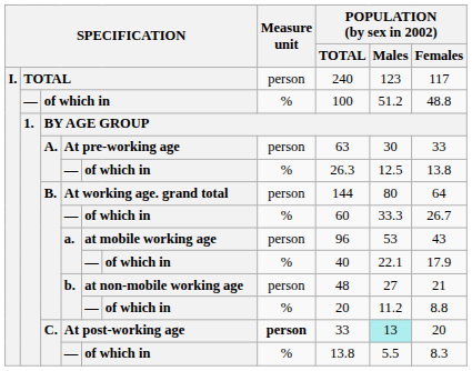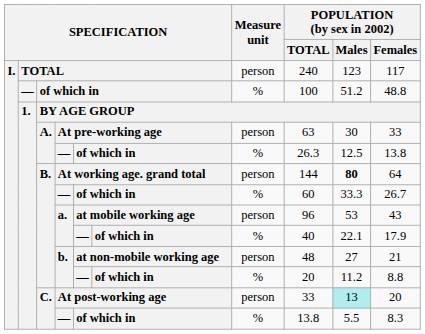 <table class="wikitable" style="font-size:85%; text-align:center">
 <tr>
 <th rowspan="2" colspan="6">SPECIFICATION</th>
 <th rowspan="2">Measure<br> unit</th>
 <th colspan="3" rowspan="1">POPULATION<br> (by sex in 2002)</th>
 </tr>
 <tr>
 <th>TOTAL</th>
 <th>Males</th>
 <th>Females</th>
 </tr>
 <tr>
 <th style="text-align:left" valign="top" rowspan="13">I.</th>
 <th style="text-align:left" colspan="5">TOTAL</th>
 <td>person</td>
 <td>240</td>
 <td>123</td>
 <td>117</td>
 </tr>
 <tr>
 <th style="text-align:left" valign="top">—</th>
 <th style="text-align:left" colspan="4">of which in</th>
 <td>%</td>
 <td>100</td>
 <td>51.2</td>
 <td>48.8</td>
 </tr>
 <tr>
 <th style="text-align:left" valign="top" rowspan="11">1.</th>
 <th style="text-align:left" colspan="19">BY AGE GROUP</th>
 </tr>
 <tr>
 <th style="text-align:left" valign="top" rowspan="2">A.</th>
 <th style="text-align:left" colspan="3">At pre-working age</th>
 <td>person</td>
 <td>63</td>
 <td>30</td>
 <td>33</td>
 </tr>
 <tr>
 <th style="text-align:left" valign="top">—</th>
 <th style="text-align:left" valign="top" colspan="2">of which in</th>
 <td>%</td>
 <td>26.3</td>
 <td>12.5</td>
 <td>13.8</td>
 </tr>
 <tr>
 <th style="text-align:left" valign="top" rowspan="6">B.</th>
 <th style="text-align:left" colspan="3">At working age. grand total</th>
 <td>person</td>
 <td>144</td>
-<td>80</td>
+<td><strong>80</strong></td>
 <td>64</td>
 </tr>
 <tr>
 <th style="text-align:left" valign="top">—</th>
 <th style="text-align:left" valign="top" colspan="2">of which in</th>
 <td>%</td>
 <td>60</td>
 <td>33.3</td>
 <td>26.7</td>
 </tr>
 <tr>
 <th style="text-align:left" valign="top" rowspan="2">a.</th>
 <th style="text-align:left" colspan="2">at mobile working age</th>
 <td>person</td>
 <td>96</td>
 <td>53</td>
 <td>43</td>
 </tr>
 <tr>
 <th style="text-align:left" valign="top">—</th>
 <th style="text-align:left" valign="top" colspan="1">of which in                        </th>
 <td>%</td>
 <td>40</td>
 <td>22.1</td>
 <td>17.9</td>
 </tr>
 <tr>
 <th style="text-align:left" valign="top" rowspan="2">b.</th>
 <th style="text-align:left" colspan="2">at non-mobile working age</th>
 <td>person</td>
 <td>48</td>
 <td>27</td>
 <td>21</td>
 </tr>
 <tr>
 <th style="text-align:left" valign="top">—</th>
 <th style="text-align:left" valign="top" colspan="1">of which in                        </th>
 <td>%</td>
 <td>20</td>
 <td>11.2</td>
 <td>8.8</td>
 </tr>
 <tr>
 <th style="text-align:left" valign="top" rowspan="2">C.</th>
 <th style="text-align:left" colspan="3">At post-working age</th>
-<td><strong>person</strong></td>
+<td>person</td>
 <td>33</td>
 <td style="background: paleturquoise;">13</td>
 <td>20</td>
 </tr>
 <tr>
 <th style="text-align:left" valign="top">—</th>
 <th style="text-align:left" valign="top" colspan="2">of which in</th>
 <td>%</td>
 <td>13.8</td>
 <td>5.5</td>
 <td>8.3</td>
 </tr>
 </table>
